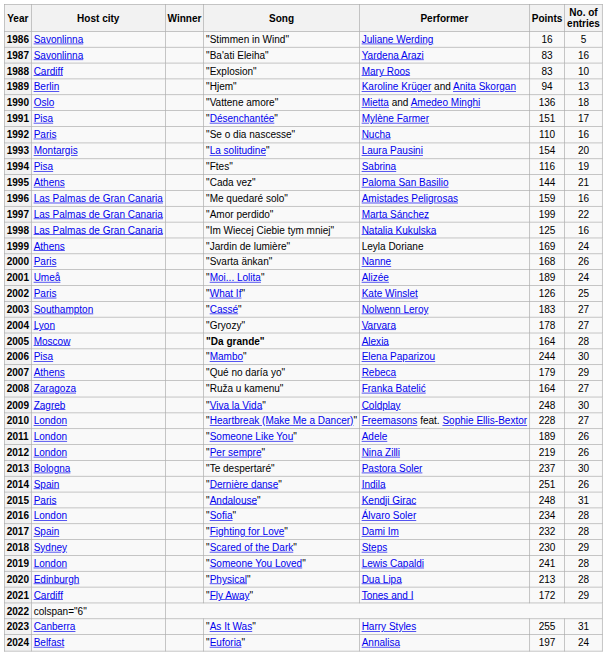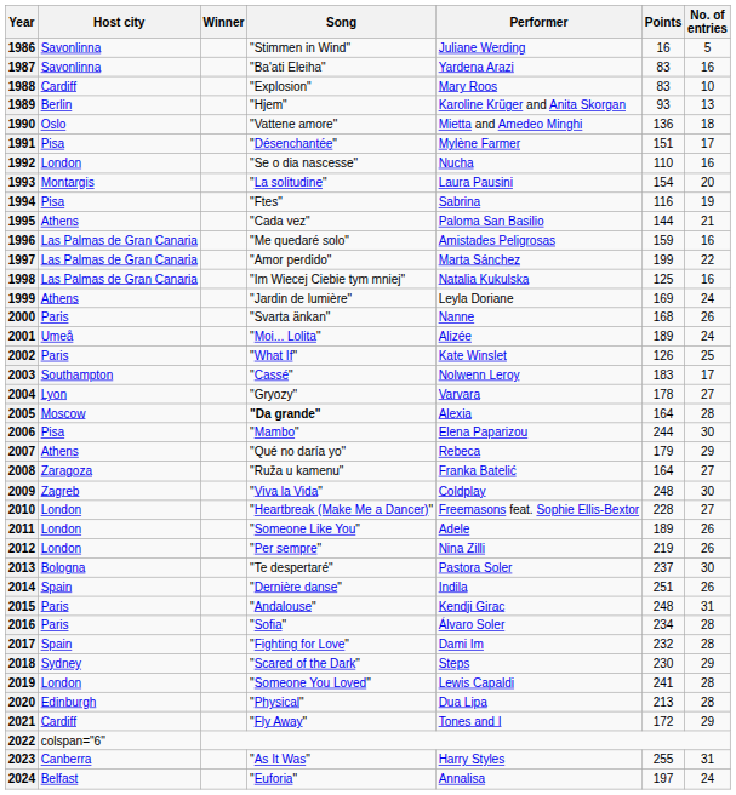 <table class="wikitable sortable" style="font-size: 95%">
 <tr style="background:#efefef">
 <th>Year</th>
 <th>Host city</th>
 <th>Winner</th>
 <th>Song</th>
 <th>Performer</th>
 <th>Points</th>
 <th>No. of<br>entries</th>
 </tr>
 <tr>
 <th>1986</th>
 <td> <a href='#'>Savonlinna</a></td>
 <td></td>
 <td>"Stimmen in Wind"</td>
 <td><a href='#'>Juliane Werding</a></td>
 <td align=center>16</td>
 <td align=center>5</td>
 </tr>
 <tr>
 <th>1987</th>
 <td> <a href='#'>Savonlinna</a></td>
 <td></td>
 <td>"Ba'ati Eleiha" </td>
 <td><a href='#'>Yardena Arazi</a></td>
 <td align=center>83</td>
 <td align=center>16</td>
 </tr>
 <tr>
 <th>1988</th>
 <td> <a href='#'>Cardiff</a></td>
 <td></td>
 <td>"Explosion"</td>
 <td><a href='#'>Mary Roos</a></td>
 <td align=center>83</td>
 <td align=center>10</td>
 </tr>
 <tr>
 <th>1989</th>
 <td> <a href='#'>Berlin</a></td>
 <td></td>
 <td>"Hjem"</td>
 <td><a href='#'>Karoline Krüger</a> and <a href='#'>Anita Skorgan</a></td>
-<td align=center>94</td>
+<td align=center>93</td>
 <td align=center>13</td>
 </tr>
 <tr>
 <th>1990</th>
 <td> <a href='#'>Oslo</a></td>
 <td></td>
 <td>"Vattene amore"</td>
 <td><a href='#'>Mietta</a> and <a href='#'>Amedeo Minghi</a></td>
 <td align=center>136</td>
 <td align=center>18</td>
 </tr>
 <tr>
 <th>1991</th>
 <td> <a href='#'>Pisa</a></td>
 <td></td>
 <td>"<a href='#'>Désenchantée</a>"</td>
 <td><a href='#'>Mylène Farmer</a></td>
 <td align=center>151</td>
 <td align=center>17</td>
 </tr>
 <tr>
 <th>1992</th>
-<td> <a href='#'>Paris</a></td>
+<td> <a href='#'>London</a></td>
 <td></td>
 <td>"Se o dia nascesse"</td>
 <td><a href='#'>Nucha</a></td>
 <td align=center>110</td>
 <td align=center>16</td>
 </tr>
 <tr>
 <th>1993</th>
 <td>  <a href='#'>Montargis</a></td>
 <td></td>
 <td>"<a href='#'>La solitudine</a>"</td>
 <td><a href='#'>Laura Pausini</a></td>
 <td align=center>154</td>
 <td align=center>20</td>
 </tr>
 <tr>
 <th>1994</th>
 <td> <a href='#'>Pisa</a></td>
 <td></td>
 <td>"Ftes" </td>
 <td><a href='#'>Sabrina</a></td>
 <td align=center>116</td>
 <td align=center>19</td>
 </tr>
 <tr>
 <th>1995</th>
 <td> <a href='#'>Athens</a></td>
 <td></td>
 <td>"Cada vez"</td>
 <td><a href='#'>Paloma San Basilio</a></td>
 <td align=center>144</td>
 <td align=center>21</td>
 </tr>
 <tr>
 <th>1996</th>
 <td> <a href='#'>Las Palmas de Gran Canaria</a></td>
 <td></td>
 <td>"Me quedaré solo"</td>
 <td><a href='#'>Amistades Peligrosas</a></td>
 <td align=center>159</td>
 <td align=center>16</td>
 </tr>
 <tr>
 <th>1997</th>
 <td> <a href='#'>Las Palmas de Gran Canaria</a></td>
 <td></td>
 <td>"Amor perdido"</td>
 <td><a href='#'>Marta Sánchez</a></td>
 <td align=center>199</td>
 <td align=center>22</td>
 </tr>
 <tr>
 <th>1998</th>
 <td> <a href='#'>Las Palmas de Gran Canaria</a></td>
 <td></td>
 <td>"Im Wiecej Ciebie tym mniej"</td>
 <td><a href='#'>Natalia Kukulska</a></td>
 <td align=center>125</td>
 <td align=center>16</td>
 </tr>
 <tr>
 <th>1999</th>
 <td> <a href='#'>Athens</a></td>
 <td></td>
 <td>"Jardin de lumière"</td>
 <td>Leyla Doriane</td>
 <td align=center>169</td>
 <td align=center>24</td>
 </tr>
 <tr>
 <th>2000</th>
 <td> <a href='#'>Paris</a></td>
 <td></td>
 <td>"Svarta änkan"</td>
 <td><a href='#'>Nanne</a></td>
 <td align=center>168</td>
 <td align=center>26</td>
 </tr>
 <tr>
 <th>2001</th>
 <td> <a href='#'>Umeå</a></td>
 <td></td>
 <td>"<a href='#'>Moi... Lolita</a>"</td>
 <td><a href='#'>Alizée</a></td>
 <td align=center>189</td>
 <td align=center>24</td>
 </tr>
 <tr>
 <th>2002</th>
 <td> <a href='#'>Paris</a></td>
 <td></td>
 <td>"<a href='#'>What If</a>"</td>
 <td><a href='#'>Kate Winslet</a></td>
 <td align=center>126</td>
 <td align=center>25</td>
 </tr>
 <tr>
 <th>2003</th>
 <td> <a href='#'>Southampton</a></td>
 <td></td>
 <td>"<a href='#'>Cassé</a>"</td>
 <td><a href='#'>Nolwenn Leroy</a></td>
 <td align=center>183</td>
-<td align=center>27</td>
+<td align=center>17</td>
 </tr>
 <tr>
 <th>2004</th>
 <td> <a href='#'>Lyon</a></td>
 <td></td>
 <td>"Gryozy" </td>
 <td><a href='#'>Varvara</a></td>
 <td align=center>178</td>
 <td align=center>27</td>
 </tr>
 <tr>
 <th>2005</th>
 <td> <a href='#'>Moscow</a></td>
 <td></td>
 <td><strong>"Da grande"</strong></td>
 <td><a href='#'>Alexia</a></td>
 <td align=center>164</td>
 <td align=center>28</td>
 </tr>
 <tr>
 <th>2006</th>
 <td> <a href='#'>Pisa</a></td>
 <td></td>
 <td>"<a href='#'>Mambo</a>"</td>
 <td><a href='#'>Elena Paparizou</a></td>
 <td align=center>244</td>
 <td align=center>30</td>
 </tr>
 <tr>
 <th>2007</th>
 <td> <a href='#'>Athens</a></td>
 <td></td>
 <td>"Qué no daría yo"</td>
 <td><a href='#'>Rebeca</a></td>
 <td align=center>179</td>
 <td align=center>29</td>
 </tr>
 <tr>
 <th>2008</th>
 <td> <a href='#'>Zaragoza</a></td>
 <td></td>
 <td>"Ruža u kamenu"</td>
 <td><a href='#'>Franka Batelić</a></td>
 <td align=center>164</td>
 <td align=center>27</td>
 </tr>
 <tr>
 <th>2009</th>
 <td> <a href='#'>Zagreb</a></td>
 <td></td>
 <td>"<a href='#'>Viva la Vida</a>"</td>
 <td><a href='#'>Coldplay</a></td>
 <td align=center>248</td>
 <td align=center>30</td>
 </tr>
 <tr>
 <th>2010</th>
 <td> <a href='#'>London</a></td>
 <td></td>
 <td>"<a href='#'>Heartbreak (Make Me a Dancer)</a>"</td>
 <td><a href='#'>Freemasons</a> feat. <a href='#'>Sophie Ellis-Bextor</a></td>
 <td align=center>228</td>
 <td align=center>27</td>
 </tr>
 <tr>
 <th>2011</th>
 <td> <a href='#'>London</a></td>
 <td></td>
 <td>"<a href='#'>Someone Like You</a>"</td>
 <td><a href='#'>Adele</a></td>
 <td align=center>189</td>
 <td align=center>26</td>
 </tr>
 <tr>
 <th>2012</th>
 <td> <a href='#'>London</a></td>
 <td></td>
 <td>"<a href='#'>Per sempre</a>"</td>
 <td><a href='#'>Nina Zilli</a></td>
 <td align=center>219</td>
 <td align=center>26</td>
 </tr>
 <tr>
 <th>2013</th>
 <td> <a href='#'>Bologna</a></td>
 <td></td>
 <td>"Te despertaré"</td>
 <td><a href='#'>Pastora Soler</a></td>
 <td align=center>237</td>
 <td align=center>30</td>
 </tr>
 <tr>
 <th>2014</th>
 <td> <a href='#'>Spain</a></td>
 <td></td>
 <td>"<a href='#'>Dernière danse</a>"</td>
 <td><a href='#'>Indila</a></td>
 <td align=center>251</td>
 <td align=center>26</td>
 </tr>
 <tr>
 <th>2015</th>
 <td> <a href='#'>Paris</a></td>
 <td></td>
 <td>"<a href='#'>Andalouse</a>"</td>
 <td><a href='#'>Kendji Girac</a></td>
 <td align=center>248</td>
 <td align=center>31</td>
 </tr>
 <tr>
 <th>2016</th>
-<td> <a href='#'>London</a></td>
+<td> <a href='#'>Paris</a></td>
 <td></td>
 <td>"<a href='#'>Sofia</a>"</td>
 <td><a href='#'>Álvaro Soler</a></td>
 <td align=center>234</td>
 <td align=center>28</td>
 </tr>
 <tr>
 <th>2017</th>
 <td> <a href='#'>Spain</a></td>
 <td></td>
 <td>"<a href='#'>Fighting for Love</a>"</td>
 <td><a href='#'>Dami Im</a></td>
 <td align=center>232</td>
 <td align=center>28</td>
 </tr>
 <tr>
 <th>2018</th>
 <td> <a href='#'>Sydney</a></td>
 <td></td>
 <td>"<a href='#'>Scared of the Dark</a>"</td>
 <td><a href='#'>Steps</a></td>
 <td align=center>230</td>
 <td align=center>29</td>
 </tr>
 <tr>
 <th>2019</th>
 <td> <a href='#'>London</a></td>
 <td></td>
 <td>"<a href='#'>Someone You Loved</a>"</td>
 <td><a href='#'>Lewis Capaldi</a></td>
 <td align=center>241</td>
 <td align=center>28</td>
 </tr>
 <tr>
 <th>2020</th>
 <td> <a href='#'>Edinburgh</a></td>
 <td></td>
 <td>"<a href='#'>Physical</a>"</td>
 <td><a href='#'>Dua Lipa</a></td>
 <td align="center">213</td>
 <td align="center">28</td>
 </tr>
 <tr>
 <th>2021</th>
 <td> <a href='#'>Cardiff</a></td>
 <td></td>
 <td>"<a href='#'>Fly Away</a>"</td>
 <td><a href='#'>Tones and I</a></td>
 <td align="center">172</td>
 <td align="center">29</td>
 </tr>
 <tr>
 <th>2022</th>
 <td>colspan="6" </td>
 </tr>
 <tr>
 <th>2023</th>
 <td> <a href='#'>Canberra</a></td>
 <td></td>
 <td>"<a href='#'>As It Was</a>"</td>
 <td><a href='#'>Harry Styles</a></td>
 <td align=center>255</td>
 <td align=center>31</td>
 </tr>
 <tr>
 <th>2024</th>
 <td> <a href='#'>Belfast</a></td>
 <td></td>
 <td>"<a href='#'>Euforia</a>"</td>
 <td><a href='#'>Annalisa</a></td>
 <td align=center>197</td>
 <td align=center>24</td>
 </tr>
 </table>
